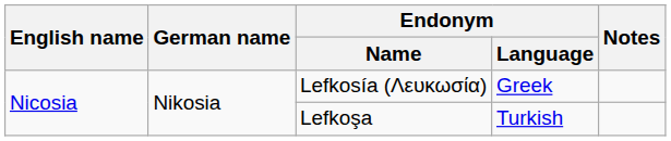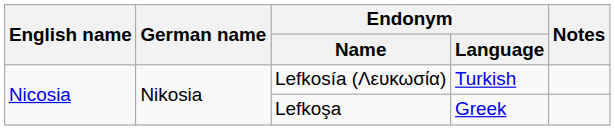 <table class="wikitable sortable mw-collapsible">
 <tr>
 <th rowspan="2">English name</th>
 <th rowspan="2">German name</th>
 <th colspan="2">Endonym</th>
 <th rowspan="2">Notes</th>
 </tr>
 <tr>
 <th>Name</th>
 <th>Language</th>
 </tr>
 <tr>
 <td rowspan="2"><a href='#'>Nicosia</a></td>
 <td rowspan="2">Nikosia</td>
 <td>Lefkosía (Λευκωσία)</td>
-<td><a href='#'>Greek</a></td>
+<td><a href='#'>Turkish</a></td>
 <td></td>
 </tr>
 <tr>
 <td>Lefkoşa</td>
-<td><a href='#'>Turkish</a></td>
+<td><a href='#'>Greek</a></td>
 <td></td>
 </tr>
 </table>
